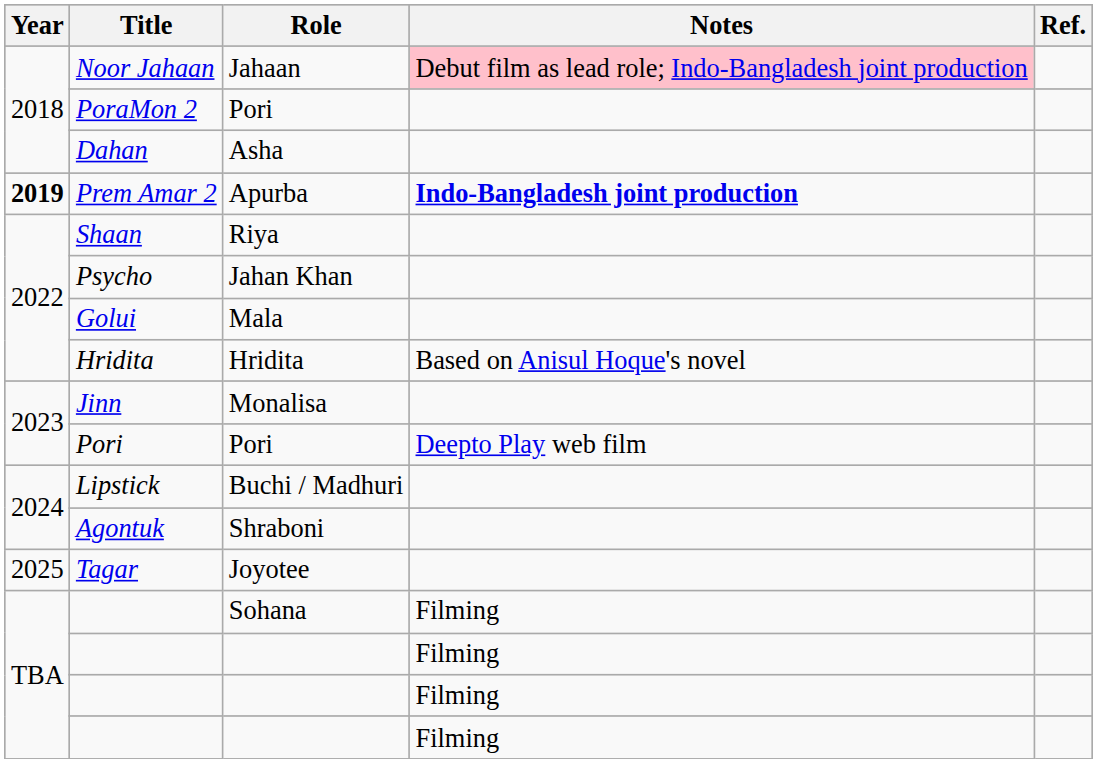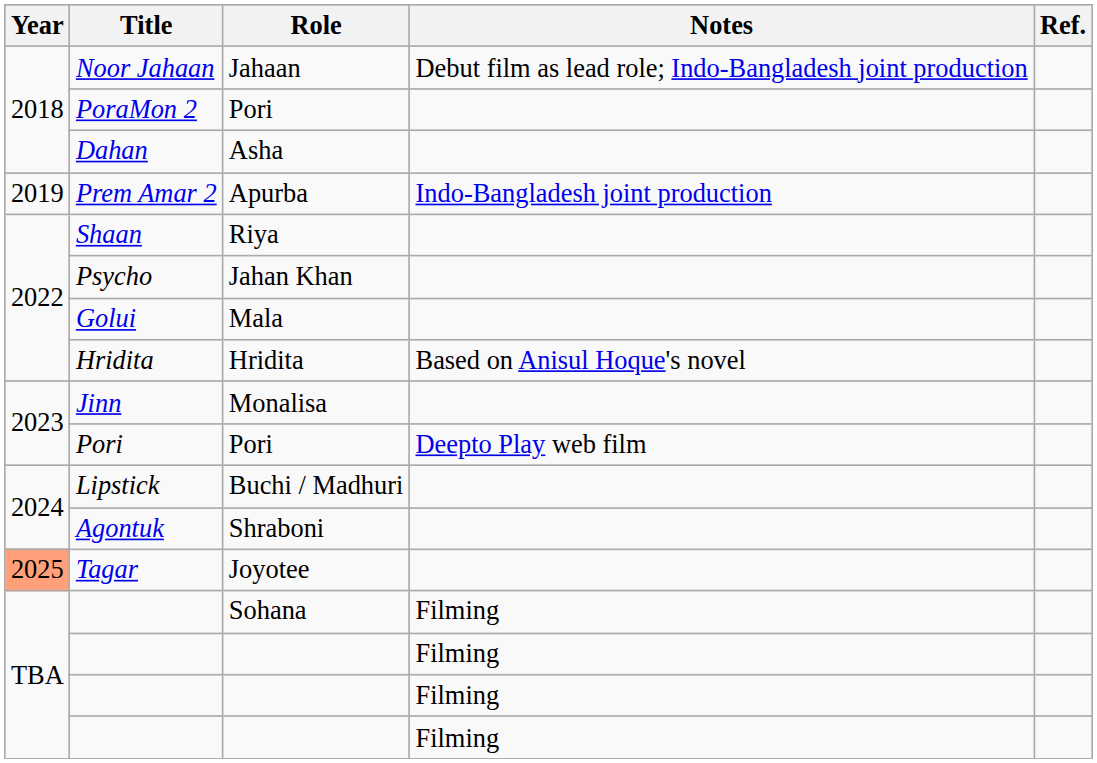 <table class="wikitable">
 <tr>
 <th>Year</th>
 <th>Title</th>
 <th>Role</th>
 <th>Notes</th>
 <th>Ref.</th>
 </tr>
 <tr>
 <td rowspan="3">2018</td>
 <td><em><a href='#'>Noor Jahaan</a></em></td>
 <td>Jahaan</td>
-<td style="background: pink;">Debut film as lead role; <a href='#'>Indo-Bangladesh joint production</a></td>
+<td>Debut film as lead role; <a href='#'>Indo-Bangladesh joint production</a></td>
 <td></td>
 </tr>
 <tr>
 <td><em><a href='#'>PoraMon 2</a></em></td>
 <td>Pori</td>
 <td></td>
 <td></td>
 </tr>
 <tr>
 <td><em><a href='#'>Dahan</a></em></td>
 <td>Asha</td>
 <td></td>
 <td></td>
 </tr>
 <tr>
-<td><strong>2019</strong></td>
+<td>2019</td>
 <td><em><a href='#'>Prem Amar 2</a></em></td>
 <td>Apurba</td>
-<td><strong><a href='#'>Indo-Bangladesh joint production</a></strong></td>
+<td><a href='#'>Indo-Bangladesh joint production</a></td>
 <td></td>
 </tr>
 <tr>
 <td rowspan="4">2022</td>
 <td><em><a href='#'>Shaan</a></em></td>
 <td>Riya</td>
 <td></td>
 <td></td>
 </tr>
 <tr>
 <td><em>Psycho</em></td>
 <td>Jahan Khan</td>
 <td></td>
 <td></td>
 </tr>
 <tr>
 <td><em><a href='#'>Golui</a></em></td>
 <td>Mala</td>
 <td></td>
 <td></td>
 </tr>
 <tr>
 <td><em>Hridita</em></td>
 <td>Hridita</td>
 <td>Based on <a href='#'>Anisul Hoque</a>'s novel</td>
 <td></td>
 </tr>
 <tr>
 <td rowspan="2">2023</td>
 <td><em><a href='#'>Jinn</a></em></td>
 <td>Monalisa</td>
 <td></td>
 <td></td>
 </tr>
 <tr>
 <td><em>Pori</em></td>
 <td>Pori</td>
 <td><a href='#'>Deepto Play</a> web film</td>
 <td></td>
 </tr>
 <tr>
 <td rowspan="2">2024</td>
 <td><em>Lipstick</em></td>
 <td>Buchi / Madhuri</td>
 <td></td>
 <td></td>
 </tr>
 <tr>
 <td><em><a href='#'>Agontuk</a></em></td>
 <td>Shraboni</td>
 <td></td>
 <td></td>
 </tr>
 <tr>
-<td>2025</td>
+<td style="background: lightsalmon;">2025</td>
 <td><a href='#'><em>Tagar</em></a></td>
 <td>Joyotee</td>
 <td></td>
 <td></td>
 </tr>
 <tr>
 <td rowspan="4">TBA</td>
 <td></td>
 <td>Sohana</td>
 <td>Filming</td>
 <td></td>
 </tr>
 <tr>
 <td></td>
 <td></td>
 <td>Filming</td>
 <td></td>
 </tr>
 <tr>
 <td></td>
 <td></td>
 <td>Filming</td>
 <td></td>
 </tr>
 <tr>
 <td></td>
 <td></td>
 <td>Filming</td>
 <td></td>
 </tr>
 </table>
